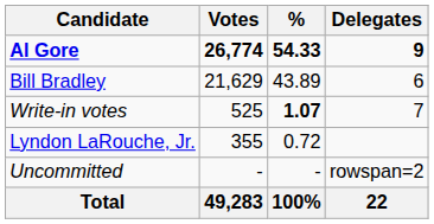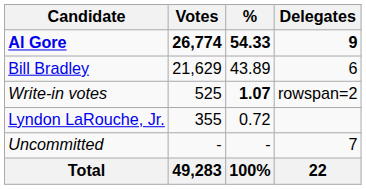 <table class="wikitable sortable" style="text-align:right;">
 <tr>
 <th>Candidate</th>
 <th>Votes</th>
 <th>%</th>
 <th>Delegates</th>
 </tr>
 <tr>
 <td style="text-align:left;" data-sort-value="Gore, Al"><strong><a href='#'>Al Gore</a></strong></td>
 <td><strong>26,774</strong></td>
 <td><strong>54.33</strong></td>
 <td><strong>9</strong></td>
 </tr>
 <tr>
 <td style="text-align:left;" data-sort-value="Bradley, Bill"><a href='#'>Bill Bradley</a></td>
 <td>21,629</td>
 <td>43.89</td>
 <td>6</td>
 </tr>
 <tr>
 <td style="text-align:left;" data-sort-value="ZZZ"><em>Write-in votes</em></td>
 <td>525</td>
 <td><strong>1.07</strong></td>
-<td>7</td>
+<td>rowspan=2 </td>
 </tr>
 <tr>
 <td style="text-align:left;" data-sort-value="LaRouche, Jr., Lyndon"><a href='#'>Lyndon LaRouche, Jr.</a></td>
 <td>355</td>
 <td>0.72</td>
 </tr>
 <tr>
 <td style="text-align:left;" data-sort-value="ZZZ"><em>Uncommitted</em></td>
 <td>-</td>
 <td>-</td>
-<td>rowspan=2 </td>
+<td>7</td>
 </tr>
 <tr>
 <th>Total</th>
 <th>49,283</th>
 <th>100%</th>
 <th>22</th>
 </tr>
 </table>
